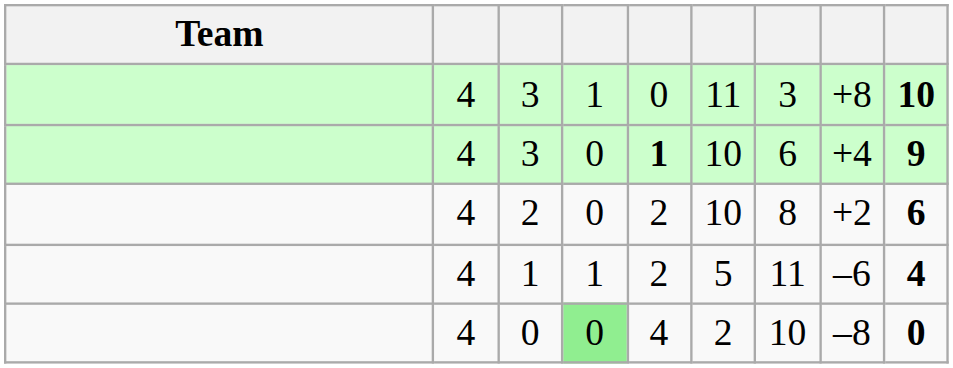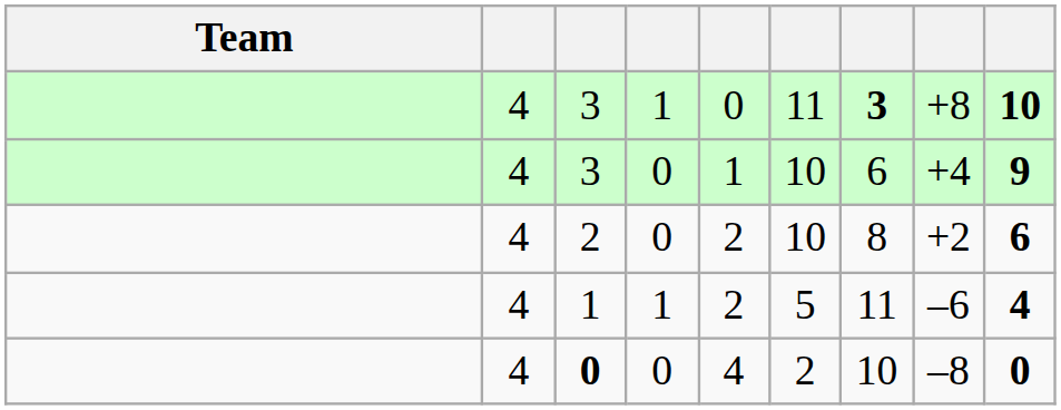 <table class="wikitable" style="text-align: center;">
 <tr>
 <th width="175">Team</th>
 <th width="20"></th>
 <th width="20"></th>
 <th width="20"></th>
 <th width="20"></th>
 <th width="20"></th>
 <th width="20"></th>
 <th width="20"></th>
 <th width="20"><strong></strong></th>
 </tr>
 <tr bgcolor=#cfc>
 <td align=left></td>
 <td>4</td>
 <td>3</td>
 <td>1</td>
 <td>0</td>
 <td>11</td>
-<td>3</td>
+<td><strong>3</strong></td>
 <td>+8</td>
 <td><strong>10</strong></td>
 </tr>
 <tr bgcolor=#cfc>
 <td align=left></td>
 <td>4</td>
 <td>3</td>
 <td>0</td>
-<td><strong>1</strong></td>
+<td>1</td>
 <td>10</td>
 <td>6</td>
 <td>+4</td>
 <td><strong>9</strong></td>
 </tr>
 <tr>
 <td align=left></td>
 <td>4</td>
 <td>2</td>
 <td>0</td>
 <td>2</td>
 <td>10</td>
 <td>8</td>
 <td>+2</td>
 <td><strong>6</strong></td>
 </tr>
 <tr>
 <td align=left></td>
 <td>4</td>
 <td>1</td>
 <td>1</td>
 <td>2</td>
 <td>5</td>
 <td>11</td>
 <td>–6</td>
 <td><strong>4</strong></td>
 </tr>
 <tr>
 <td align=left></td>
 <td>4</td>
+<td><strong>0</strong></td>
 <td>0</td>
-<td style="background: lightgreen;">0</td>
 <td>4</td>
 <td>2</td>
 <td>10</td>
 <td>–8</td>
 <td><strong>0</strong></td>
 </tr>
 </table>
